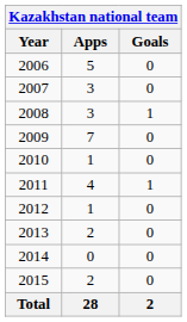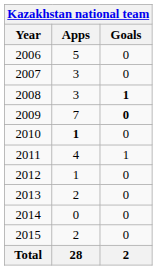 <table class="wikitable" style="text-align:center">
 <tr>
 <th colspan=3><a href='#'>Kazakhstan national team</a></th>
 </tr>
 <tr>
 <th>Year</th>
 <th>Apps</th>
 <th>Goals</th>
 </tr>
 <tr>
 <td>2006</td>
 <td>5</td>
 <td>0</td>
 </tr>
 <tr>
 <td>2007</td>
 <td>3</td>
 <td>0</td>
 </tr>
 <tr>
 <td>2008</td>
 <td>3</td>
-<td>1</td>
+<td><strong>1</strong></td>
 </tr>
 <tr>
 <td>2009</td>
 <td>7</td>
-<td>0</td>
+<td><strong>0</strong></td>
 </tr>
 <tr>
 <td>2010</td>
-<td>1</td>
+<td><strong>1</strong></td>
 <td>0</td>
 </tr>
 <tr>
 <td>2011</td>
 <td>4</td>
 <td>1</td>
 </tr>
 <tr>
 <td>2012</td>
 <td>1</td>
 <td>0</td>
 </tr>
 <tr>
 <td>2013</td>
 <td>2</td>
 <td>0</td>
 </tr>
 <tr>
 <td>2014</td>
 <td>0</td>
 <td>0</td>
 </tr>
 <tr>
 <td>2015</td>
 <td>2</td>
 <td>0</td>
 </tr>
 <tr>
 <th>Total</th>
 <th>28</th>
 <th>2</th>
 </tr>
 </table>
